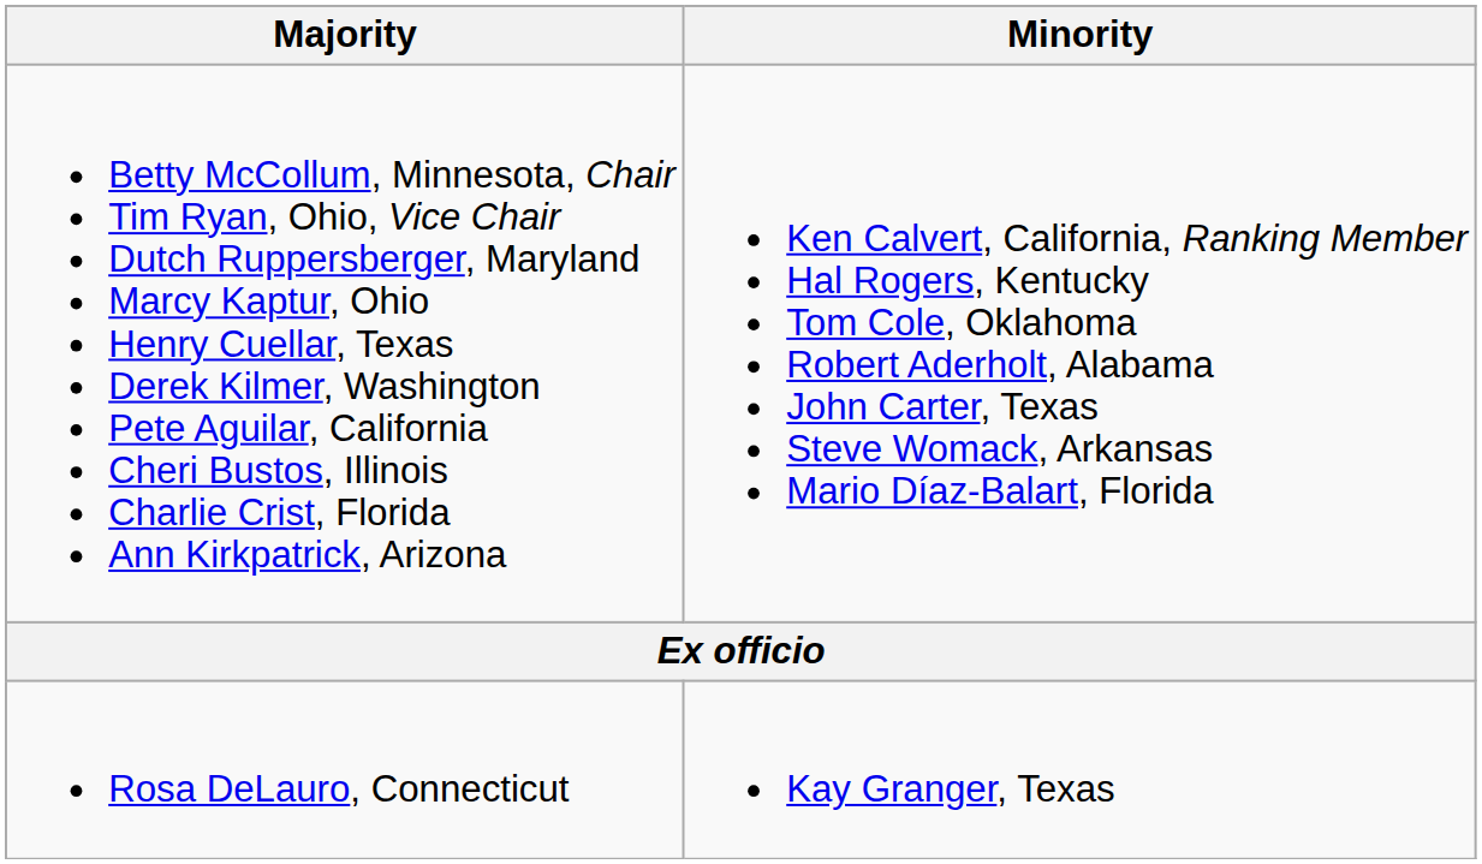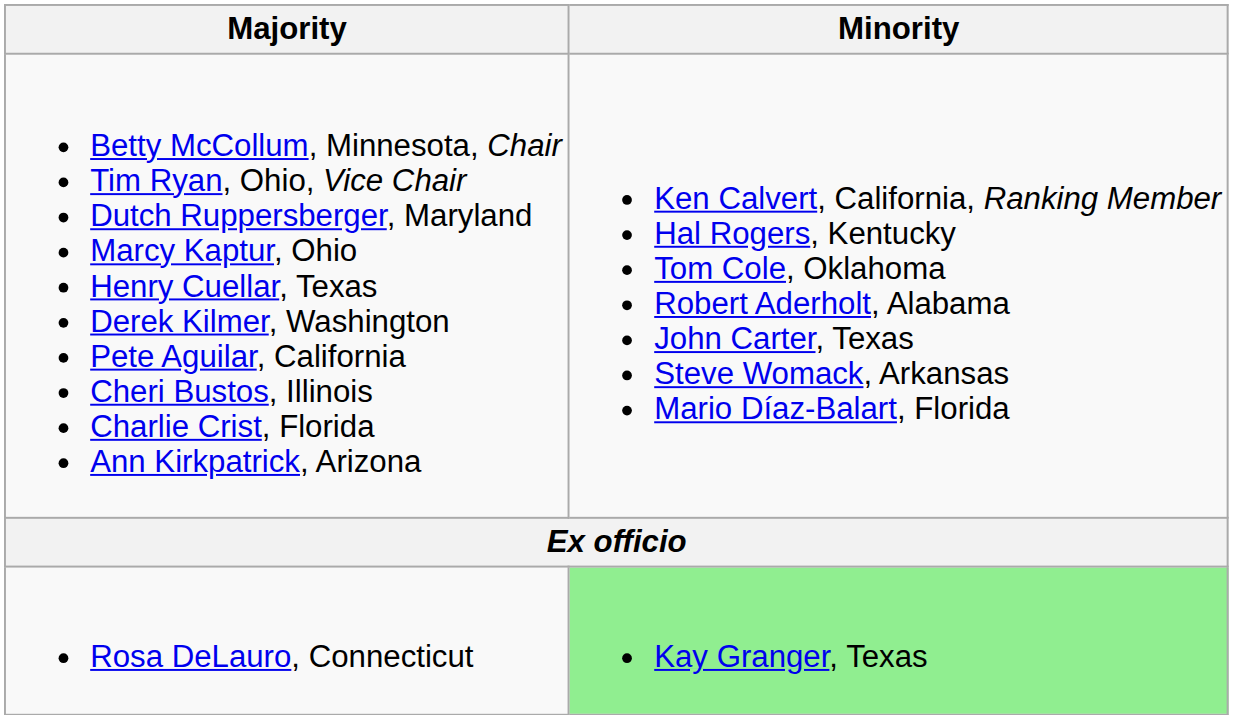 <table class=wikitable>
 <tr>
 <th>Majority</th>
 <th>Minority</th>
 </tr>
 <tr>
 <td><br><ul><li><a href='#'>Betty McCollum</a>, Minnesota, <em>Chair</em></li><li><a href='#'>Tim Ryan</a>, Ohio, <em>Vice Chair</em></li><li><a href='#'>Dutch Ruppersberger</a>, Maryland</li><li><a href='#'>Marcy Kaptur</a>, Ohio</li><li><a href='#'>Henry Cuellar</a>, Texas</li><li><a href='#'>Derek Kilmer</a>, Washington</li><li><a href='#'>Pete Aguilar</a>, California</li><li><a href='#'>Cheri Bustos</a>, Illinois</li><li><a href='#'>Charlie Crist</a>, Florida</li><li><a href='#'>Ann Kirkpatrick</a>, Arizona</li></ul></td>
 <td><br><ul><li><a href='#'>Ken Calvert</a>, California, <em>Ranking Member</em></li><li><a href='#'>Hal Rogers</a>, Kentucky</li><li><a href='#'>Tom Cole</a>, Oklahoma</li><li><a href='#'>Robert Aderholt</a>, Alabama</li><li><a href='#'>John Carter</a>, Texas</li><li><a href='#'>Steve Womack</a>, Arkansas</li><li><a href='#'>Mario Díaz-Balart</a>, Florida</li></ul></td>
 </tr>
 <tr>
 <th colspan=2><em>Ex officio</em></th>
 </tr>
 <tr>
 <td><br><ul><li><a href='#'>Rosa DeLauro</a>, Connecticut</li></ul></td>
-<td><br><ul><li><a href='#'>Kay Granger</a>, Texas</li></ul></td>
+<td style="background: lightgreen;"><br><ul><li><a href='#'>Kay Granger</a>, Texas</li></ul></td>
 </tr>
 </table>
